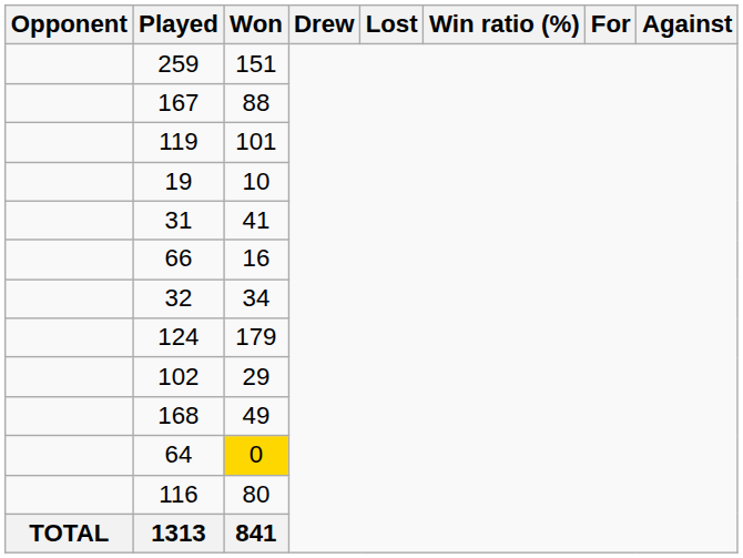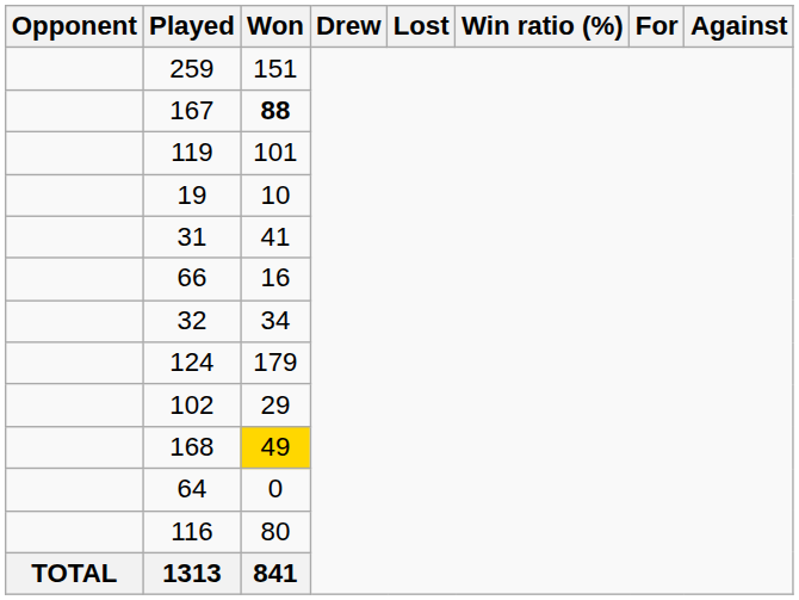 <table class="wikitable sortable">
 <tr>
 <th>Opponent</th>
 <th>Played</th>
 <th>Won</th>
 <th>Drew</th>
 <th>Lost</th>
 <th>Win ratio (%)</th>
 <th>For</th>
 <th>Against</th>
 </tr>
 <tr align=center>
 <td align=left><br></td>
 <td>259</td>
 <td>151</td>
 </tr>
 <tr align=center>
 <td align=left><br></td>
 <td>167</td>
-<td>88</td>
+<td><strong>88</strong></td>
 </tr>
 <tr align=center>
 <td align=left><br></td>
 <td>119</td>
 <td>101</td>
 </tr>
 <tr align=center>
 <td align=left><br></td>
 <td>19</td>
 <td>10</td>
 </tr>
 <tr align=center>
 <td align=left><br></td>
 <td>31</td>
 <td>41</td>
 </tr>
 <tr align=center>
 <td align=left><br></td>
 <td>66</td>
 <td>16</td>
 </tr>
 <tr align=center>
 <td align=left><br></td>
 <td>32</td>
 <td>34</td>
 </tr>
 <tr align=center>
 <td align=left><br></td>
 <td>124</td>
 <td>179</td>
 </tr>
 <tr align=center>
 <td align=left><br></td>
 <td>102</td>
 <td>29</td>
 </tr>
 <tr align=center>
 <td align=left><br></td>
 <td>168</td>
-<td>49</td>
+<td style="background: gold;">49</td>
 </tr>
 <tr align=center>
 <td align=left><br></td>
 <td>64</td>
-<td style="background: gold;">0</td>
+<td>0</td>
 </tr>
 <tr align=center>
 <td align=left><br></td>
 <td>116</td>
 <td>80</td>
 </tr>
 <tr align=center>
 <th>TOTAL<br></th>
 <th>1313</th>
 <th>841</th>
 </tr>
 </table>
